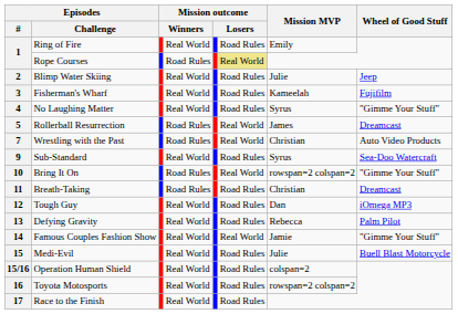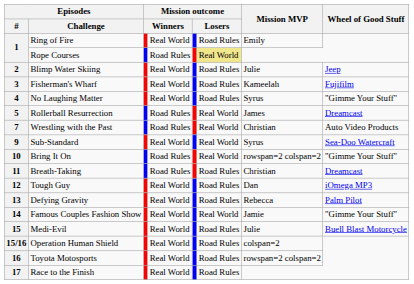 <table class="wikitable" style="font-size:90%; white-space:nowrap">
 <tr>
 <th colspan=2>Episodes</th>
 <th colspan=4>Mission outcome</th>
 <th rowspan=2>Mission MVP</th>
 <th rowspan=2>Wheel of Good Stuff</th>
 </tr>
 <tr>
 <th>#</th>
 <th>Challenge</th>
 <th colspan=2>Winners</th>
 <th colspan=2>Losers</th>
 </tr>
 <tr>
 <th rowspan=2>1</th>
 <td>Ring of Fire</td>
 <td bgcolor="red"></td>
 <td>Real World</td>
 <td bgcolor="blue"></td>
 <td>Road Rules</td>
 <td>Emily</td>
 </tr>
 <tr>
 <td>Rope Courses</td>
 <td bgcolor="blue"></td>
 <td>Road Rules</td>
 <td bgcolor="red"></td>
 <td style="background: khaki;">Real World</td>
 </tr>
 <tr>
 <th>2</th>
 <td>Blimp Water Skiing</td>
 <td bgcolor="red"></td>
 <td>Real World</td>
 <td bgcolor="blue"></td>
 <td>Road Rules</td>
 <td>Julie</td>
 <td><a href='#'>Jeep</a></td>
 </tr>
 <tr>
 <th>3</th>
 <td>Fisherman's Wharf</td>
 <td bgcolor="red"></td>
 <td>Real World</td>
 <td bgcolor="blue"></td>
 <td>Road Rules</td>
 <td>Kameelah</td>
 <td><a href='#'>Fujifilm</a></td>
 </tr>
 <tr>
 <th>4</th>
 <td>No Laughing Matter</td>
 <td bgcolor="red"></td>
 <td>Real World</td>
 <td bgcolor="blue"></td>
 <td>Road Rules</td>
 <td>Syrus</td>
 <td>"Gimme Your Stuff"</td>
 </tr>
 <tr>
 <th>5</th>
 <td>Rollerball Resurrection</td>
 <td bgcolor="blue"></td>
 <td>Road Rules</td>
 <td bgcolor="red"></td>
 <td>Real World</td>
 <td>James</td>
 <td><a href='#'>Dreamcast</a></td>
 </tr>
 <tr>
 <th>7</th>
 <td>Wrestling with the Past</td>
 <td bgcolor="blue"></td>
 <td>Road Rules</td>
 <td bgcolor="red"></td>
 <td>Real World</td>
 <td>Christian</td>
 <td>Auto Video Products</td>
 </tr>
 <tr>
 <th>9</th>
 <td>Sub-Standard</td>
 <td bgcolor="red"></td>
 <td>Real World</td>
 <td bgcolor="blue"></td>
-<td>Road Rules</td>
+<td>Real World</td>
 <td>Syrus</td>
 <td><a href='#'>Sea-Doo Watercraft</a></td>
 </tr>
 <tr>
 <th>10</th>
 <td>Bring It On</td>
 <td bgcolor="blue"></td>
 <td>Road Rules</td>
 <td bgcolor="red"></td>
 <td>Real World</td>
 <td>rowspan=2 colspan=2 </td>
 <td>"Gimme Your Stuff"</td>
 </tr>
 <tr>
 <th>11</th>
 <td>Breath-Taking</td>
 <td bgcolor="blue"></td>
 <td>Road Rules</td>
 <td bgcolor="red"></td>
 <td>Road Rules</td>
 <td>Christian</td>
 <td><a href='#'>Dreamcast</a></td>
 </tr>
 <tr>
 <th>12</th>
 <td>Tough Guy</td>
 <td bgcolor="red"></td>
 <td>Real World</td>
 <td bgcolor="blue"></td>
 <td>Road Rules</td>
 <td>Dan</td>
 <td><a href='#'>iOmega MP3</a></td>
 </tr>
 <tr>
 <th>13</th>
 <td>Defying Gravity</td>
 <td bgcolor="red"></td>
 <td>Real World</td>
 <td bgcolor="blue"></td>
 <td>Road Rules</td>
 <td>Rebecca</td>
 <td><a href='#'>Palm Pilot</a></td>
 </tr>
 <tr>
 <th>14</th>
 <td>Famous Couples Fashion Show</td>
 <td bgcolor="red"></td>
 <td>Real World</td>
 <td bgcolor="blue"></td>
 <td>Real World</td>
 <td>Jamie</td>
 <td>"Gimme Your Stuff"</td>
 </tr>
 <tr>
 <th>15</th>
 <td>Medi-Evil</td>
 <td bgcolor="red"></td>
 <td>Real World</td>
 <td bgcolor="blue"></td>
 <td>Road Rules</td>
 <td>Julie</td>
 <td><a href='#'>Buell Blast Motorcycle</a></td>
 </tr>
 <tr>
 <th>15/16</th>
 <td>Operation Human Shield</td>
 <td bgcolor="red"></td>
 <td>Real World</td>
 <td bgcolor="blue"></td>
 <td>Road Rules</td>
 <td>colspan=2 </td>
 </tr>
 <tr>
 <th>16</th>
 <td>Toyota Motosports</td>
 <td bgcolor="red"></td>
 <td>Real World</td>
 <td bgcolor="blue"></td>
 <td>Road Rules</td>
 <td>rowspan=2 colspan=2 </td>
 </tr>
 <tr>
 <th>17</th>
 <td>Race to the Finish</td>
 <td bgcolor="red"></td>
 <td>Real World</td>
 <td bgcolor="blue"></td>
 <td>Road Rules</td>
 </tr>
 </table>
